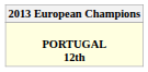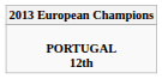 <table class="wikitable" style="text-align: center; margin: 0 auto;">
 <tr>
 <th>2013 European Champions</th>
 </tr>
 <tr>
 </tr>
 <tr>
-<td style="background: lightyellow;"><br><strong>PORTUGAL</strong><br><strong>12th</strong></td>
+<td><br><strong>PORTUGAL</strong><br><strong>12th</strong></td>
 </tr>
 </table>
